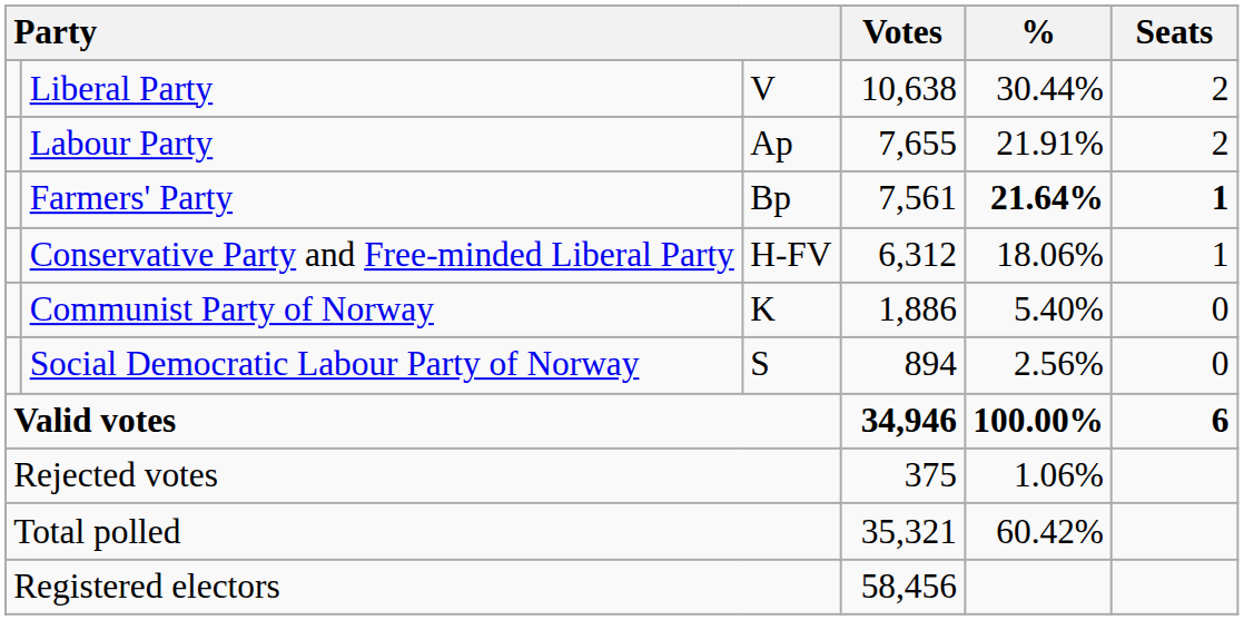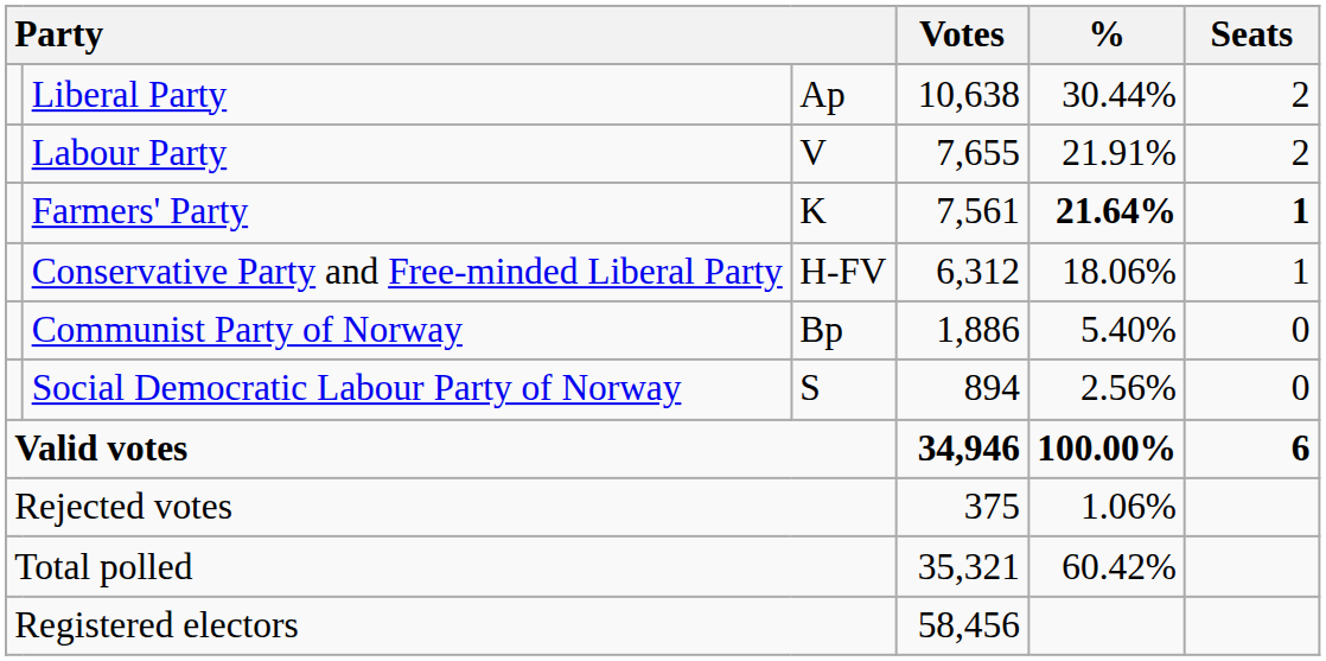 <table class="wikitable" border="1" style="text-align:right;">
 <tr>
 <th style="text-align:left;" colspan=3>Party</th>
 <th align=center width="50">Votes</th>
 <th align=center width="50">%</th>
 <th align=center width="50">Seats</th>
 </tr>
 <tr>
 <td style="color:inherit;background:"></td>
 <td align=left><a href='#'>Liberal Party</a></td>
-<td align=left>V</td>
+<td align=left>Ap</td>
 <td>10,638</td>
 <td>30.44%</td>
 <td>2</td>
 </tr>
 <tr>
 <td style="color:inherit;background:"></td>
 <td align=left><a href='#'>Labour Party</a></td>
-<td align=left>Ap</td>
+<td align=left>V</td>
 <td>7,655</td>
 <td>21.91%</td>
 <td>2</td>
 </tr>
 <tr>
 <td style="color:inherit;background:"></td>
 <td align=left><a href='#'>Farmers' Party</a></td>
-<td align=left>Bp</td>
+<td align=left>K</td>
 <td>7,561</td>
 <td><strong>21.64%</strong></td>
 <td><strong>1</strong></td>
 </tr>
 <tr>
 <td></td>
 <td align=left><a href='#'>Conservative Party</a> and <a href='#'>Free-minded Liberal Party</a></td>
 <td align=left>H-FV</td>
 <td>6,312</td>
 <td>18.06%</td>
 <td>1</td>
 </tr>
 <tr>
 <td style="color:inherit;background:"></td>
 <td align=left><a href='#'>Communist Party of Norway</a></td>
-<td align=left>K</td>
+<td align=left>Bp</td>
 <td>1,886</td>
 <td>5.40%</td>
 <td>0</td>
 </tr>
 <tr>
 <td style="color:inherit;background:"></td>
 <td align=left><a href='#'>Social Democratic Labour Party of Norway</a></td>
 <td align=left>S</td>
 <td>894</td>
 <td>2.56%</td>
 <td>0</td>
 </tr>
 <tr style="font-weight:bold">
 <td align=left colspan=3>Valid votes</td>
 <td>34,946</td>
 <td>100.00%</td>
 <td>6</td>
 </tr>
 <tr>
 <td align=left colspan=3>Rejected votes</td>
 <td>375</td>
 <td>1.06%</td>
 <td></td>
 </tr>
 <tr>
 <td align=left colspan=3>Total polled</td>
 <td>35,321</td>
 <td>60.42%</td>
 <td></td>
 </tr>
 <tr>
 <td align=left colspan=3>Registered electors</td>
 <td>58,456</td>
 <td></td>
 <td></td>
 </tr>
 </table>
